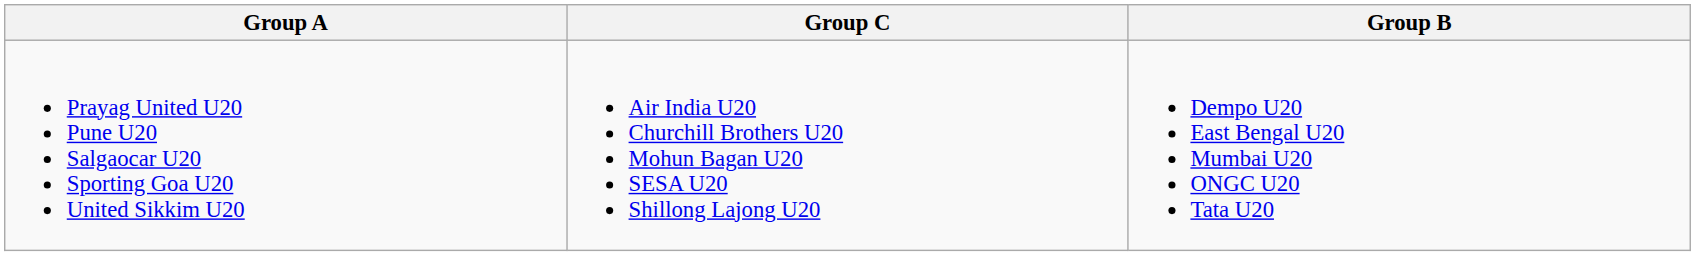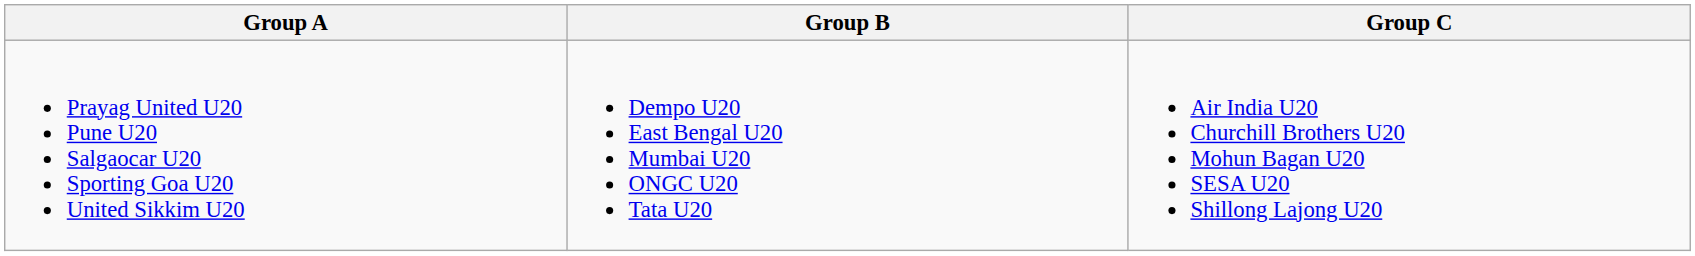 <table class=wikitable width=75%>
 <tr>
 <th width=25%>Group A</th>
+<th width=25%>Group B</th>
 <th width=25%>Group C</th>
-<th width=25%>Group B</th>
 </tr>
 <tr>
 <td><br><ul><li><a href='#'>Prayag United U20</a></li><li><a href='#'>Pune U20</a></li><li><a href='#'>Salgaocar U20</a></li><li><a href='#'>Sporting Goa U20</a></li><li><a href='#'>United Sikkim U20</a></li></ul></td>
+<td><br><ul><li><a href='#'>Dempo U20</a></li><li><a href='#'>East Bengal U20</a></li><li><a href='#'>Mumbai U20</a></li><li><a href='#'>ONGC U20</a></li><li><a href='#'>Tata U20</a></li></ul></td>
 <td><br><ul><li><a href='#'>Air India U20</a></li><li><a href='#'>Churchill Brothers U20</a></li><li><a href='#'>Mohun Bagan U20</a></li><li><a href='#'>SESA U20</a></li><li><a href='#'>Shillong Lajong U20</a></li></ul></td>
-<td><br><ul><li><a href='#'>Dempo U20</a></li><li><a href='#'>East Bengal U20</a></li><li><a href='#'>Mumbai U20</a></li><li><a href='#'>ONGC U20</a></li><li><a href='#'>Tata U20</a></li></ul></td>
 </tr>
 </table>
